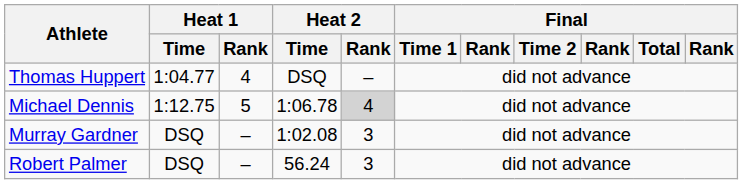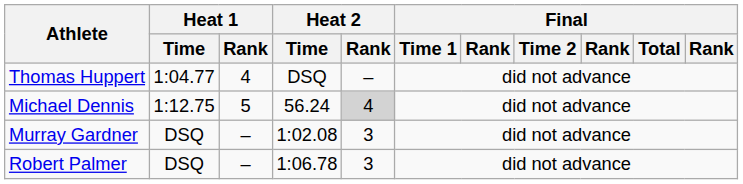 <table class="wikitable" style="font-size:90%">
 <tr>
 <th rowspan="2">Athlete</th>
 <th colspan="2">Heat 1</th>
 <th colspan="2">Heat 2</th>
 <th colspan="6">Final</th>
 </tr>
 <tr>
 <th>Time</th>
 <th>Rank</th>
 <th>Time</th>
 <th>Rank</th>
 <th>Time 1</th>
 <th>Rank</th>
 <th>Time 2</th>
 <th>Rank</th>
 <th>Total</th>
 <th>Rank</th>
 </tr>
 <tr>
 <td><a href='#'>Thomas Huppert</a></td>
 <td style="text-align:center;">1:04.77</td>
 <td style="text-align:center;">4</td>
 <td style="text-align:center;">DSQ</td>
 <td style="text-align:center;">–</td>
 <td colspan="6" align="center">did not advance</td>
 </tr>
 <tr>
 <td><a href='#'>Michael Dennis</a></td>
 <td style="text-align:center;">1:12.75</td>
 <td style="text-align:center;">5</td>
-<td style="text-align:center;">1:06.78</td>
+<td style="text-align:center;">56.24</td>
 <td style="background: lightgrey; text-align:center;">4</td>
 <td colspan="6" align="center">did not advance</td>
 </tr>
 <tr>
 <td><a href='#'>Murray Gardner</a></td>
 <td style="text-align:center;">DSQ</td>
 <td style="text-align:center;">–</td>
 <td style="text-align:center;">1:02.08</td>
 <td style="text-align:center;">3</td>
 <td colspan="6" align="center">did not advance</td>
 </tr>
 <tr>
 <td><a href='#'>Robert Palmer</a></td>
 <td style="text-align:center;">DSQ</td>
 <td style="text-align:center;">–</td>
-<td style="text-align:center;">56.24</td>
+<td style="text-align:center;">1:06.78</td>
 <td style="text-align:center;">3</td>
 <td colspan="6" align="center">did not advance</td>
 </tr>
 </table>
